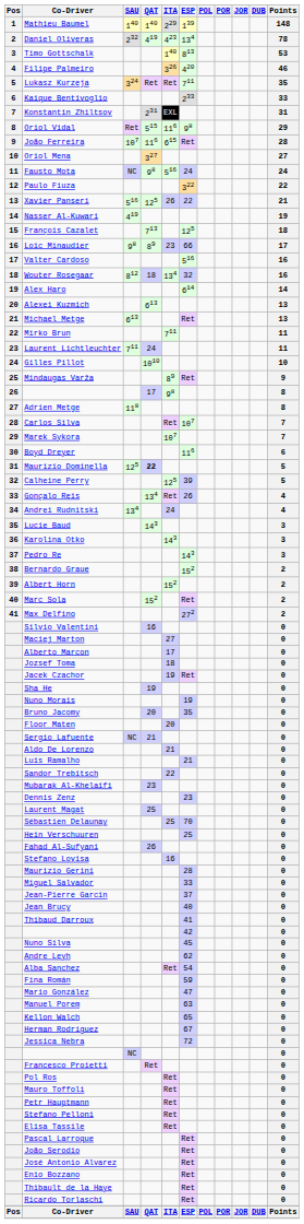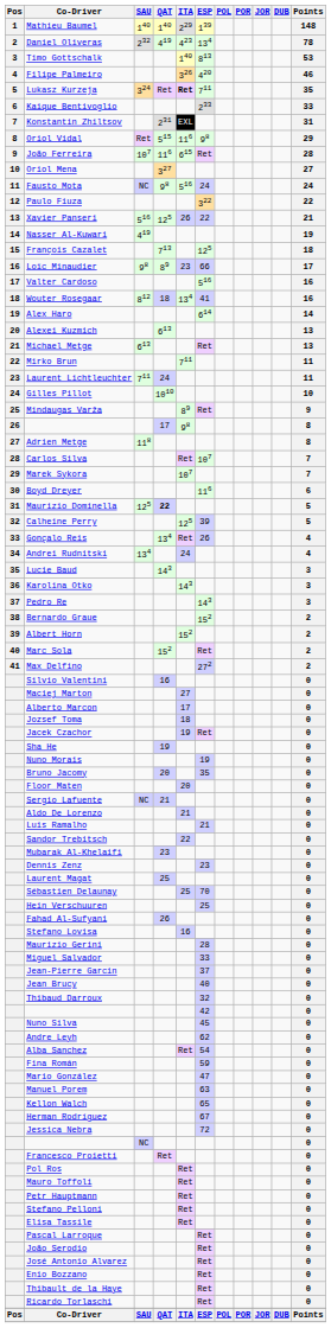 <table class="wikitable" style="font-size: 85%; text-align: center; display: inline-table;">
 <tr valign="top">
 <th valign="middle">Pos</th>
 <th valign="middle">Co-Driver</th>
 <th><a href='#'>SAU</a><br></th>
 <th><a href='#'>QAT</a><br></th>
 <th><a href='#'>ITA</a><br></th>
 <th><a href='#'>ESP</a><br></th>
 <th><a href='#'>POL</a><br></th>
 <th><a href='#'>POR</a><br></th>
 <th><a href='#'>JOR</a><br></th>
 <th><a href='#'>DUB</a><br></th>
 <th valign="middle">Points</th>
 </tr>
 <tr>
 <th>1</th>
 <td align=left> <a href='#'>Mathieu Baumel</a></td>
 <td style="background:#ffffbf;">1<sup>40</sup></td>
 <td style="background:#ffffbf;">1<sup>40</sup></td>
 <td style="background:#dfdfdf;">2<sup>29</sup></td>
 <td style="background:#ffffbf;">1<sup>39</sup></td>
 <td></td>
 <td></td>
 <td></td>
 <td></td>
 <th>148</th>
 </tr>
 <tr>
 <th>2</th>
 <td align=left> <a href='#'>Daniel Oliveras</a></td>
 <td style="background:#dfdfdf;">2<sup>32</sup></td>
 <td style="background:#dfffdf;">4<sup>19</sup></td>
 <td style="background:#dfffdf;">4<sup>23</sup></td>
 <td style="background:#dfffdf;">13<sup>4</sup></td>
 <td></td>
 <td></td>
 <td></td>
 <td></td>
 <th>78</th>
 </tr>
 <tr>
 <th>3</th>
 <td align=left> <a href='#'>Timo Gottschalk</a></td>
 <td></td>
 <td></td>
 <td style="background:#ffffbf;">1<sup>40</sup></td>
 <td style="background:#dfffdf;">8<sup>13</sup></td>
 <td></td>
 <td></td>
 <td></td>
 <td></td>
 <th>53</th>
 </tr>
 <tr>
 <th>4</th>
 <td align=left> <a href='#'>Filipe Palmeiro</a></td>
 <td></td>
 <td></td>
 <td style="background:#ffdf9f;">3<sup>26</sup></td>
 <td style="background:#dfffdf;">4<sup>20</sup></td>
 <td></td>
 <td></td>
 <td></td>
 <td></td>
 <th>46</th>
 </tr>
 <tr>
 <th>5</th>
 <td align=left> <a href='#'>Lukasz Kurzeja</a></td>
 <td style="background:#ffdf9f;">3<sup>24</sup></td>
 <td style="background:#efcfff;">Ret</td>
-<td style="background:#efcfff;">Ret</td>
+<td style="background:#efcfff;"><strong>Ret</strong></td>
 <td style="background:#dfffdf;">7<sup>11</sup></td>
 <td></td>
 <td></td>
 <td></td>
 <td></td>
 <th>35</th>
 </tr>
 <tr>
 <th>6</th>
 <td align=left> <a href='#'>Kaique Bentivoglio</a></td>
 <td></td>
 <td></td>
 <td></td>
 <td style="background:#dfdfdf;">2<sup>33</sup></td>
 <td></td>
 <td></td>
 <td></td>
 <td></td>
 <th>33</th>
 </tr>
 <tr>
 <th>7</th>
 <td align=left> <a href='#'>Konstantin Zhiltsov</a></td>
 <td></td>
 <td style="background:#dfdfdf;">2<sup>31</sup></td>
 <td style="background-color:#000000;color:white">EXL</td>
 <td></td>
 <td></td>
 <td></td>
 <td></td>
 <td></td>
 <th>31</th>
 </tr>
 <tr>
 <th>8</th>
 <td align=left> <a href='#'>Oriol Vidal</a></td>
 <td style="background:#efcfff;">Ret</td>
 <td style="background:#dfffdf;">5<sup>15</sup></td>
 <td style="background:#dfffdf;">11<sup>6</sup></td>
 <td style="background:#dfffdf;">9<sup>8</sup></td>
 <td></td>
 <td></td>
 <td></td>
 <td></td>
 <th>29</th>
 </tr>
 <tr>
 <th>9</th>
 <td align=left> <a href='#'>João Ferreira</a></td>
 <td style="background:#dfffdf;">10<sup>7</sup></td>
 <td style="background:#dfffdf;">11<sup>6</sup></td>
 <td style="background:#dfffdf;">6<sup>15</sup></td>
 <td style="background:#efcfff;">Ret</td>
 <td></td>
 <td></td>
 <td></td>
 <td></td>
 <th>28</th>
 </tr>
 <tr>
 <th>10</th>
 <td align=left> <a href='#'>Oriol Mena</a></td>
 <td></td>
 <td style="background:#ffdf9f;">3<sup>27</sup></td>
 <td></td>
 <td></td>
 <td></td>
 <td></td>
 <td></td>
 <td></td>
 <th>27</th>
 </tr>
 <tr>
 <th>11</th>
 <td align=left> <a href='#'>Fausto Mota</a></td>
 <td style="background:#cfcfff;">NC</td>
 <td style="background:#dfffdf;">9<sup>8</sup></td>
 <td style="background:#dfffdf;">5<sup>16</sup></td>
 <td style="background:#cfcfff;">24</td>
 <td></td>
 <td></td>
 <td></td>
 <td></td>
 <th>24</th>
 </tr>
 <tr>
 <th>12</th>
 <td align=left> <a href='#'>Paulo Fiuza</a></td>
 <td></td>
 <td></td>
 <td></td>
 <td style="background:#ffdf9f;">3<sup>22</sup></td>
 <td></td>
 <td></td>
 <td></td>
 <td></td>
 <th>22</th>
 </tr>
 <tr>
 <th>13</th>
 <td align=left> <a href='#'>Xavier Panseri</a></td>
 <td style="background:#dfffdf;">5<sup>16</sup></td>
 <td style="background:#dfffdf;">12<sup>5</sup></td>
 <td style="background:#cfcfff;">26</td>
 <td style="background:#cfcfff;">22</td>
 <td></td>
 <td></td>
 <td></td>
 <td></td>
 <th>21</th>
 </tr>
 <tr>
 <th>14</th>
 <td align=left> <a href='#'>Nasser Al-Kuwari</a></td>
 <td style="background:#dfffdf;">4<sup>19</sup></td>
 <td></td>
 <td></td>
 <td></td>
 <td></td>
 <td></td>
 <td></td>
 <td></td>
 <th>19</th>
 </tr>
 <tr>
 <th>15</th>
 <td align=left> <a href='#'>François Cazalet</a></td>
 <td></td>
 <td style="background:#dfffdf;">7<sup>13</sup></td>
 <td></td>
 <td style="background:#dfffdf;">12<sup>5</sup></td>
 <td></td>
 <td></td>
 <td></td>
 <td></td>
 <th>18</th>
 </tr>
 <tr>
 <th>16</th>
 <td align=left> <a href='#'>Loïc Minaudier</a></td>
 <td style="background:#dfffdf;">9<sup>8</sup></td>
 <td style="background:#dfffdf;">8<sup>9</sup></td>
 <td style="background:#cfcfff;">23</td>
 <td style="background:#cfcfff;">66</td>
 <td></td>
 <td></td>
 <td></td>
 <td></td>
 <th>17</th>
 </tr>
 <tr>
 <th>17</th>
 <td align=left> <a href='#'>Valter Cardoso</a></td>
 <td></td>
 <td></td>
 <td></td>
 <td style="background:#dfffdf;">5<sup>16</sup></td>
 <td></td>
 <td></td>
 <td></td>
 <td></td>
 <th>16</th>
 </tr>
 <tr>
 <th>18</th>
 <td align=left> <a href='#'>Wouter Rosegaar</a></td>
 <td style="background:#dfffdf;">8<sup>12</sup></td>
 <td style="background:#cfcfff;">18</td>
 <td style="background:#dfffdf;">13<sup>4</sup></td>
-<td style="background:#cfcfff;">32</td>
+<td style="background:#cfcfff;">41</td>
 <td></td>
 <td></td>
 <td></td>
 <td></td>
 <th>16</th>
 </tr>
 <tr>
 <th>19</th>
 <td align=left> <a href='#'>Alex Haro</a></td>
 <td></td>
 <td></td>
 <td></td>
 <td style="background:#dfffdf;">6<sup>14</sup></td>
 <td></td>
 <td></td>
 <td></td>
 <td></td>
 <th>14</th>
 </tr>
 <tr>
 <th>20</th>
 <td align=left> <a href='#'>Alexei Kuzmich</a></td>
 <td></td>
 <td style="background:#dfffdf;">6<sup>13</sup></td>
 <td></td>
 <td></td>
 <td></td>
 <td></td>
 <td></td>
 <td></td>
 <th>13</th>
 </tr>
 <tr>
 <th>21</th>
 <td align=left> <a href='#'>Michael Metge</a></td>
 <td style="background:#dfffdf;">6<sup>13</sup></td>
 <td></td>
 <td></td>
 <td style="background:#efcfff;">Ret</td>
 <td></td>
 <td></td>
 <td></td>
 <td></td>
 <th>13</th>
 </tr>
 <tr>
 <th>22</th>
 <td align=left> <a href='#'>Mirko Brun</a></td>
 <td></td>
 <td></td>
 <td style="background:#dfffdf;">7<sup>11</sup></td>
 <td></td>
 <td></td>
 <td></td>
 <td></td>
 <td></td>
 <th>11</th>
 </tr>
 <tr>
 <th>23</th>
 <td align=left> <a href='#'>Laurent Lichtleuchter</a></td>
 <td style="background:#dfffdf;">7<sup>11</sup></td>
 <td style="background:#cfcfff;">24</td>
 <td></td>
 <td></td>
 <td></td>
 <td></td>
 <td></td>
 <td></td>
 <th>11</th>
 </tr>
 <tr>
 <th>24</th>
 <td align=left> <a href='#'>Gilles Pillot</a></td>
 <td></td>
 <td style="background:#dfffdf;">10<sup>10</sup></td>
 <td></td>
 <td></td>
 <td></td>
 <td></td>
 <td></td>
 <td></td>
 <th>10</th>
 </tr>
 <tr>
 <th>25</th>
 <td align=left> <a href='#'>Mindaugas Varža</a></td>
 <td></td>
 <td></td>
 <td style="background:#dfffdf;">8<sup>9</sup></td>
 <td style="background:#efcfff;">Ret</td>
 <td></td>
 <td></td>
 <td></td>
 <td></td>
 <th>9</th>
 </tr>
 <tr>
 <th>26</th>
 <td align=left></td>
 <td></td>
 <td style="background:#cfcfff;">17</td>
 <td style="background:#dfffdf;">9<sup>8</sup></td>
 <td></td>
 <td></td>
 <td></td>
 <td></td>
 <td></td>
 <th>8</th>
 </tr>
 <tr>
 <th>27</th>
 <td align=left> <a href='#'>Adrien Metge</a></td>
 <td style="background:#dfffdf;">11<sup>8</sup></td>
 <td></td>
 <td></td>
 <td></td>
 <td></td>
 <td></td>
 <td></td>
 <td></td>
 <th>8</th>
 </tr>
 <tr>
 <th>28</th>
 <td align=left> <a href='#'>Carlos Silva</a></td>
 <td></td>
 <td></td>
 <td style="background:#efcfff;">Ret</td>
 <td style="background:#dfffdf;">10<sup>7</sup></td>
 <td></td>
 <td></td>
 <td></td>
 <td></td>
 <th>7</th>
 </tr>
 <tr>
 <th>29</th>
 <td align=left> <a href='#'>Marek Sykora</a></td>
 <td></td>
 <td></td>
 <td style="background:#dfffdf;">10<sup>7</sup></td>
 <td></td>
 <td></td>
 <td></td>
 <td></td>
 <td></td>
 <th>7</th>
 </tr>
 <tr>
 <th>30</th>
 <td align=left> <a href='#'>Boyd Dreyer</a></td>
 <td></td>
 <td></td>
 <td></td>
 <td style="background:#dfffdf;">11<sup>6</sup></td>
 <td></td>
 <td></td>
 <td></td>
 <td></td>
 <th>6</th>
 </tr>
 <tr>
 <th>31</th>
 <td align=left> <a href='#'>Maurizio Dominella</a></td>
 <td style="background:#dfffdf;">12<sup>5</sup></td>
 <td style="background:#cfcfff;"><strong>22</strong></td>
 <td></td>
 <td></td>
 <td></td>
 <td></td>
 <td></td>
 <td></td>
 <th>5</th>
 </tr>
 <tr>
 <th>32</th>
 <td align=left> <a href='#'>Calheine Perry</a></td>
 <td></td>
 <td></td>
 <td style="background:#dfffdf;">12<sup>5</sup></td>
 <td style="background:#cfcfff;">39</td>
 <td></td>
 <td></td>
 <td></td>
 <td></td>
 <th>5</th>
 </tr>
 <tr>
 <th>33</th>
 <td align=left> <a href='#'>Gonçalo Reis</a></td>
 <td></td>
 <td style="background:#dfffdf;">13<sup>4</sup></td>
 <td style="background:#efcfff;">Ret</td>
 <td style="background:#cfcfff;">26</td>
 <td></td>
 <td></td>
 <td></td>
 <td></td>
 <th>4</th>
 </tr>
 <tr>
 <th>34</th>
 <td align=left> <a href='#'>Andrei Rudnitski</a></td>
 <td style="background:#dfffdf;">13<sup>4</sup></td>
 <td></td>
 <td style="background:#cfcfff;">24</td>
 <td></td>
 <td></td>
 <td></td>
 <td></td>
 <td></td>
 <th>4</th>
 </tr>
 <tr>
 <th>35</th>
 <td align=left> <a href='#'>Lucie Baud</a></td>
 <td></td>
 <td style="background:#dfffdf;">14<sup>3</sup></td>
 <td></td>
 <td></td>
 <td></td>
 <td></td>
 <td></td>
 <td></td>
 <th>3</th>
 </tr>
 <tr>
 <th>36</th>
 <td align=left> <a href='#'>Karolina Otko</a></td>
 <td></td>
 <td></td>
 <td style="background:#dfffdf;">14<sup>3</sup></td>
 <td></td>
 <td></td>
 <td></td>
 <td></td>
 <td></td>
 <th>3</th>
 </tr>
 <tr>
 <th>37</th>
 <td align=left> <a href='#'>Pedro Re</a></td>
 <td></td>
 <td></td>
 <td></td>
 <td style="background:#dfffdf;">14<sup>3</sup></td>
 <td></td>
 <td></td>
 <td></td>
 <td></td>
 <th>3</th>
 </tr>
 <tr>
 <th>38</th>
 <td align=left> <a href='#'>Bernardo Graue</a></td>
 <td></td>
 <td></td>
 <td></td>
 <td style="background:#dfffdf;">15<sup>2</sup></td>
 <td></td>
 <td></td>
 <td></td>
 <td></td>
 <th>2</th>
 </tr>
 <tr>
 <th>39</th>
 <td align=left> <a href='#'>Albert Horn</a></td>
 <td></td>
 <td></td>
 <td style="background:#dfffdf;">15<sup>2</sup></td>
 <td></td>
 <td></td>
 <td></td>
 <td></td>
 <td></td>
 <th>2</th>
 </tr>
 <tr>
 <th>40</th>
 <td align=left> <a href='#'>Marc Sola</a></td>
 <td></td>
 <td style="background:#dfffdf;">15<sup>2</sup></td>
 <td></td>
 <td style="background:#efcfff;">Ret</td>
 <td></td>
 <td></td>
 <td></td>
 <td></td>
 <th>2</th>
 </tr>
 <tr>
 <th>41</th>
 <td align=left> <a href='#'>Max Delfino</a></td>
 <td></td>
 <td></td>
 <td></td>
 <td style="background:#cfcfff;">27<sup>2</sup></td>
 <td></td>
 <td></td>
 <td></td>
 <td></td>
 <th>2</th>
 </tr>
 <tr>
 <th></th>
 <td align=left> <a href='#'>Silvio Valentini</a></td>
 <td></td>
 <td style="background:#cfcfff;">16</td>
 <td></td>
 <td></td>
 <td></td>
 <td></td>
 <td></td>
 <td></td>
 <th>0</th>
 </tr>
 <tr>
 <th></th>
 <td align=left> <a href='#'>Maciej Marton</a></td>
 <td></td>
 <td></td>
 <td style="background:#cfcfff;">27</td>
 <td></td>
 <td></td>
 <td></td>
 <td></td>
 <td></td>
 <th>0</th>
 </tr>
 <tr>
 <th></th>
 <td align=left> <a href='#'>Alberto Marcon</a></td>
 <td></td>
 <td></td>
 <td style="background:#cfcfff;">17</td>
 <td></td>
 <td></td>
 <td></td>
 <td></td>
 <td></td>
 <th>0</th>
 </tr>
 <tr>
 <th></th>
 <td align=left> <a href='#'>Jozsef Toma</a></td>
 <td></td>
 <td></td>
 <td style="background:#cfcfff;">18</td>
 <td></td>
 <td></td>
 <td></td>
 <td></td>
 <td></td>
 <th>0</th>
 </tr>
 <tr>
 <th></th>
 <td align=left> <a href='#'>Jacek Czachor</a></td>
 <td></td>
 <td></td>
 <td style="background:#cfcfff;">19</td>
 <td style="background:#efcfff;">Ret</td>
 <td></td>
 <td></td>
 <td></td>
 <td></td>
 <th>0</th>
 </tr>
 <tr>
 <th></th>
 <td align=left> <a href='#'>Sha He</a></td>
 <td></td>
 <td style="background:#cfcfff;">19</td>
 <td></td>
 <td></td>
 <td></td>
 <td></td>
 <td></td>
 <td></td>
 <th>0</th>
 </tr>
 <tr>
 <th></th>
 <td align=left> <a href='#'>Nuno Morais</a></td>
 <td></td>
 <td></td>
 <td></td>
 <td style="background:#cfcfff;">19</td>
 <td></td>
 <td></td>
 <td></td>
 <td></td>
 <th>0</th>
 </tr>
 <tr>
 <th></th>
 <td align=left> <a href='#'>Bruno Jacomy</a></td>
 <td></td>
 <td style="background:#cfcfff;">20</td>
 <td></td>
 <td style="background:#cfcfff;">35</td>
 <td></td>
 <td></td>
 <td></td>
 <td></td>
 <th>0</th>
 </tr>
 <tr>
 <th></th>
 <td align=left> <a href='#'>Floor Maten</a></td>
 <td></td>
 <td></td>
 <td style="background:#cfcfff;">20</td>
 <td></td>
 <td></td>
 <td></td>
 <td></td>
 <td></td>
 <th>0</th>
 </tr>
 <tr>
 <th></th>
 <td align=left> <a href='#'>Sergio Lafuente</a></td>
 <td style="background:#cfcfff;">NC</td>
 <td style="background:#cfcfff;">21</td>
 <td></td>
 <td></td>
 <td></td>
 <td></td>
 <td></td>
 <td></td>
 <th>0</th>
 </tr>
 <tr>
 <th></th>
 <td align=left> <a href='#'>Aldo De Lorenzo</a></td>
 <td></td>
 <td></td>
 <td style="background:#cfcfff;">21</td>
 <td></td>
 <td></td>
 <td></td>
 <td></td>
 <td></td>
 <th>0</th>
 </tr>
 <tr>
 <th></th>
 <td align=left> <a href='#'>Luis Ramalho</a></td>
 <td></td>
 <td></td>
 <td></td>
 <td style="background:#cfcfff;">21</td>
 <td></td>
 <td></td>
 <td></td>
 <td></td>
 <th>0</th>
 </tr>
 <tr>
 <th></th>
 <td align=left> <a href='#'>Sandor Trebitsch</a></td>
 <td></td>
 <td></td>
 <td style="background:#cfcfff;">22</td>
 <td></td>
 <td></td>
 <td></td>
 <td></td>
 <td></td>
 <th>0</th>
 </tr>
 <tr>
 <th></th>
 <td align=left> <a href='#'>Mubarak Al-Khelaifi</a></td>
 <td></td>
 <td style="background:#cfcfff;">23</td>
 <td></td>
 <td></td>
 <td></td>
 <td></td>
 <td></td>
 <td></td>
 <th>0</th>
 </tr>
 <tr>
 <th></th>
 <td align=left> <a href='#'>Dennis Zenz</a></td>
 <td></td>
 <td></td>
 <td></td>
 <td style="background:#cfcfff;">23</td>
 <td></td>
 <td></td>
 <td></td>
 <td></td>
 <th>0</th>
 </tr>
 <tr>
 <th></th>
 <td align=left> <a href='#'>Laurent Magat</a></td>
 <td></td>
 <td style="background:#cfcfff;">25</td>
 <td></td>
 <td></td>
 <td></td>
 <td></td>
 <td></td>
 <td></td>
 <th>0</th>
 </tr>
 <tr>
 <th></th>
 <td align=left> <a href='#'>Sébastien Delaunay</a></td>
 <td></td>
 <td></td>
 <td style="background:#cfcfff;">25</td>
 <td style="background:#cfcfff;">70</td>
 <td></td>
 <td></td>
 <td></td>
 <td></td>
 <th>0</th>
 </tr>
 <tr>
 <th></th>
 <td align=left> <a href='#'>Hein Verschuuren</a></td>
 <td></td>
 <td></td>
 <td></td>
 <td style="background:#cfcfff;">25</td>
 <td></td>
 <td></td>
 <td></td>
 <td></td>
 <th>0</th>
 </tr>
 <tr>
 <th></th>
 <td align=left> <a href='#'>Fahad Al-Sufyani</a></td>
 <td></td>
 <td style="background:#cfcfff;">26</td>
 <td></td>
 <td></td>
 <td></td>
 <td></td>
 <td></td>
 <td></td>
 <th>0</th>
 </tr>
 <tr>
 <th></th>
 <td align=left> <a href='#'>Stefano Lovisa</a></td>
 <td></td>
 <td></td>
 <td style="background:#cfcfff;">16</td>
 <td></td>
 <td></td>
 <td></td>
 <td></td>
 <td></td>
 <th>0</th>
 </tr>
 <tr>
 <th></th>
 <td align=left> <a href='#'>Maurizio Gerini</a></td>
 <td></td>
 <td></td>
 <td></td>
 <td style="background:#cfcfff;">28</td>
 <td></td>
 <td></td>
 <td></td>
 <td></td>
 <th>0</th>
 </tr>
 <tr>
 <th></th>
 <td align=left> <a href='#'>Miguel Salvador</a></td>
 <td></td>
 <td></td>
 <td></td>
 <td style="background:#cfcfff;">33</td>
 <td></td>
 <td></td>
 <td></td>
 <td></td>
 <th>0</th>
 </tr>
 <tr>
 <th></th>
 <td align=left> <a href='#'>Jean-Pierre Garcin</a></td>
 <td></td>
 <td></td>
 <td></td>
 <td style="background:#cfcfff;">37</td>
 <td></td>
 <td></td>
 <td></td>
 <td></td>
 <th>0</th>
 </tr>
 <tr>
 <th></th>
 <td align=left> <a href='#'>Jean Brucy</a></td>
 <td></td>
 <td></td>
 <td></td>
 <td style="background:#cfcfff;">40</td>
 <td></td>
 <td></td>
 <td></td>
 <td></td>
 <th>0</th>
 </tr>
 <tr>
 <th></th>
 <td align=left> <a href='#'>Thibaud Darroux</a></td>
 <td></td>
 <td></td>
 <td></td>
-<td style="background:#cfcfff;">41</td>
+<td style="background:#cfcfff;">32</td>
 <td></td>
 <td></td>
 <td></td>
 <td></td>
 <th>0</th>
 </tr>
 <tr>
 <th></th>
 <td align=left></td>
 <td></td>
 <td></td>
 <td></td>
 <td style="background:#cfcfff;">42</td>
 <td></td>
 <td></td>
 <td></td>
 <td></td>
 <th>0</th>
 </tr>
 <tr>
 <th></th>
 <td align=left> <a href='#'>Nuno Silva</a></td>
 <td></td>
 <td></td>
 <td></td>
 <td style="background:#cfcfff;">45</td>
 <td></td>
 <td></td>
 <td></td>
 <td></td>
 <th>0</th>
 </tr>
 <tr>
 <th></th>
 <td align=left> <a href='#'>Andre Leyh</a></td>
 <td></td>
 <td></td>
 <td></td>
 <td style="background:#cfcfff;">62</td>
 <td></td>
 <td></td>
 <td></td>
 <td></td>
 <th>0</th>
 </tr>
 <tr>
 <th></th>
 <td align=left> <a href='#'>Alba Sanchez</a></td>
 <td></td>
 <td></td>
 <td style="background:#efcfff;">Ret</td>
 <td style="background:#cfcfff;">54</td>
 <td></td>
 <td></td>
 <td></td>
 <td></td>
 <th>0</th>
 </tr>
 <tr>
 <th></th>
 <td align=left> <a href='#'>Fina Román</a></td>
 <td></td>
 <td></td>
 <td></td>
 <td style="background:#cfcfff;">59</td>
 <td></td>
 <td></td>
 <td></td>
 <td></td>
 <th>0</th>
 </tr>
 <tr>
 <th></th>
 <td align=left> <a href='#'>Mario González</a></td>
 <td></td>
 <td></td>
 <td></td>
 <td style="background:#cfcfff;">47</td>
 <td></td>
 <td></td>
 <td></td>
 <td></td>
 <th>0</th>
 </tr>
 <tr>
 <th></th>
 <td align=left> <a href='#'>Manuel Porem</a></td>
 <td></td>
 <td></td>
 <td></td>
 <td style="background:#cfcfff;">63</td>
 <td></td>
 <td></td>
 <td></td>
 <td></td>
 <th>0</th>
 </tr>
 <tr>
 <th></th>
 <td align=left> <a href='#'>Kellon Walch</a></td>
 <td></td>
 <td></td>
 <td></td>
 <td style="background:#cfcfff;">65</td>
 <td></td>
 <td></td>
 <td></td>
 <td></td>
 <th>0</th>
 </tr>
 <tr>
 <th></th>
 <td align=left> <a href='#'>Herman Rodríguez</a></td>
 <td></td>
 <td></td>
 <td></td>
 <td style="background:#cfcfff;">67</td>
 <td></td>
 <td></td>
 <td></td>
 <td></td>
 <th>0</th>
 </tr>
 <tr>
 <th></th>
 <td align=left> <a href='#'>Jessica Nebra</a></td>
 <td></td>
 <td></td>
 <td></td>
 <td style="background:#cfcfff;">72</td>
 <td></td>
 <td></td>
 <td></td>
 <td></td>
 <th>0</th>
 </tr>
 <tr>
 <th></th>
 <td align=left></td>
 <td style="background:#cfcfff;">NC</td>
 <td></td>
 <td></td>
 <td></td>
 <td></td>
 <td></td>
 <td></td>
 <td></td>
 <th>0</th>
 </tr>
 <tr>
 <th></th>
 <td align=left> <a href='#'>Francesco Proietti</a></td>
 <td></td>
 <td style="background:#efcfff;">Ret</td>
 <td></td>
 <td></td>
 <td></td>
 <td></td>
 <td></td>
 <td></td>
 <th>0</th>
 </tr>
 <tr>
 <th></th>
 <td align=left> <a href='#'>Pol Ros</a></td>
 <td></td>
 <td></td>
 <td style="background:#efcfff;">Ret</td>
 <td></td>
 <td></td>
 <td></td>
 <td></td>
 <td></td>
 <th>0</th>
 </tr>
 <tr>
 <th></th>
 <td align=left> <a href='#'>Mauro Toffoli</a></td>
 <td></td>
 <td></td>
 <td style="background:#efcfff;">Ret</td>
 <td></td>
 <td></td>
 <td></td>
 <td></td>
 <td></td>
 <th>0</th>
 </tr>
 <tr>
 <th></th>
 <td align=left> <a href='#'>Petr Hauptmann</a></td>
 <td></td>
 <td></td>
 <td style="background:#efcfff;">Ret</td>
 <td></td>
 <td></td>
 <td></td>
 <td></td>
 <td></td>
 <th>0</th>
 </tr>
 <tr>
 <th></th>
 <td align=left> <a href='#'>Stefano Pelloni</a></td>
 <td></td>
 <td></td>
 <td style="background:#efcfff;">Ret</td>
 <td></td>
 <td></td>
 <td></td>
 <td></td>
 <td></td>
 <th>0</th>
 </tr>
 <tr>
 <th></th>
 <td align=left> <a href='#'>Elisa Tassile</a></td>
 <td></td>
 <td></td>
 <td style="background:#efcfff;">Ret</td>
 <td></td>
 <td></td>
 <td></td>
 <td></td>
 <td></td>
 <th>0</th>
 </tr>
 <tr>
 <th></th>
 <td align=left> <a href='#'>Pascal Larroque</a></td>
 <td></td>
 <td></td>
 <td></td>
 <td style="background:#efcfff;">Ret</td>
 <td></td>
 <td></td>
 <td></td>
 <td></td>
 <th>0</th>
 </tr>
 <tr>
 <th></th>
 <td align=left> <a href='#'>João Serodio</a></td>
 <td></td>
 <td></td>
 <td></td>
 <td style="background:#efcfff;">Ret</td>
 <td></td>
 <td></td>
 <td></td>
 <td></td>
 <th>0</th>
 </tr>
 <tr>
 <th></th>
 <td align=left> <a href='#'>José Antonio Alvarez</a></td>
 <td></td>
 <td></td>
 <td></td>
 <td style="background:#efcfff;">Ret</td>
 <td></td>
 <td></td>
 <td></td>
 <td></td>
 <th>0</th>
 </tr>
 <tr>
 <th></th>
 <td align=left> <a href='#'>Enio Bozzano</a></td>
 <td></td>
 <td></td>
 <td></td>
 <td style="background:#efcfff;">Ret</td>
 <td></td>
 <td></td>
 <td></td>
 <td></td>
 <th>0</th>
 </tr>
 <tr>
 <th></th>
 <td align=left> <a href='#'>Thibault de la Haye</a></td>
 <td></td>
 <td></td>
 <td></td>
 <td style="background:#efcfff;">Ret</td>
 <td></td>
 <td></td>
 <td></td>
 <td></td>
 <th>0</th>
 </tr>
 <tr>
 <th></th>
 <td align=left> <a href='#'>Ricardo Torlaschi</a></td>
 <td></td>
 <td></td>
 <td></td>
 <td style="background:#efcfff;">Ret</td>
 <td></td>
 <td></td>
 <td></td>
 <td></td>
 <th>0</th>
 </tr>
 <tr>
 </tr>
 <tr valign="top">
 <th valign="middle">Pos</th>
 <th valign="middle">Co-Driver</th>
 <th><a href='#'>SAU</a><br></th>
 <th><a href='#'>QAT</a><br></th>
 <th><a href='#'>ITA</a><br></th>
 <th><a href='#'>ESP</a><br></th>
 <th><a href='#'>POL</a><br></th>
 <th><a href='#'>POR</a><br></th>
 <th><a href='#'>JOR</a><br></th>
 <th><a href='#'>DUB</a><br></th>
 <th valign="middle">Points</th>
 </tr>
 <tr>
 </tr>
 </table>
